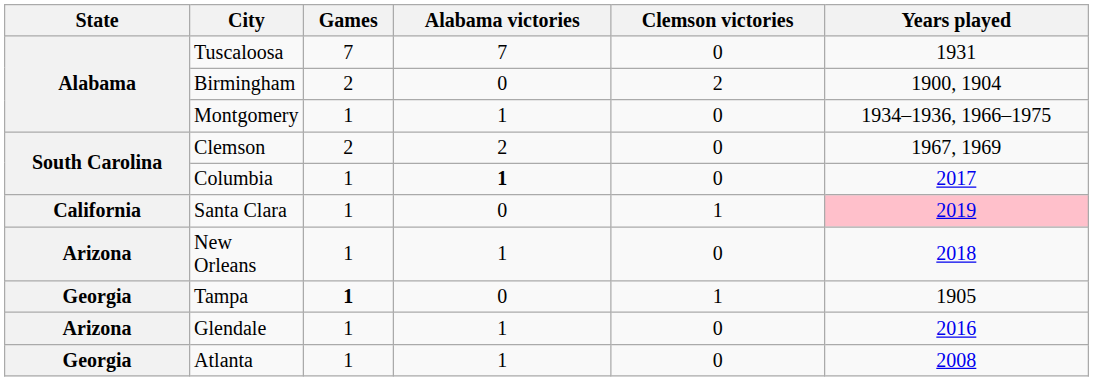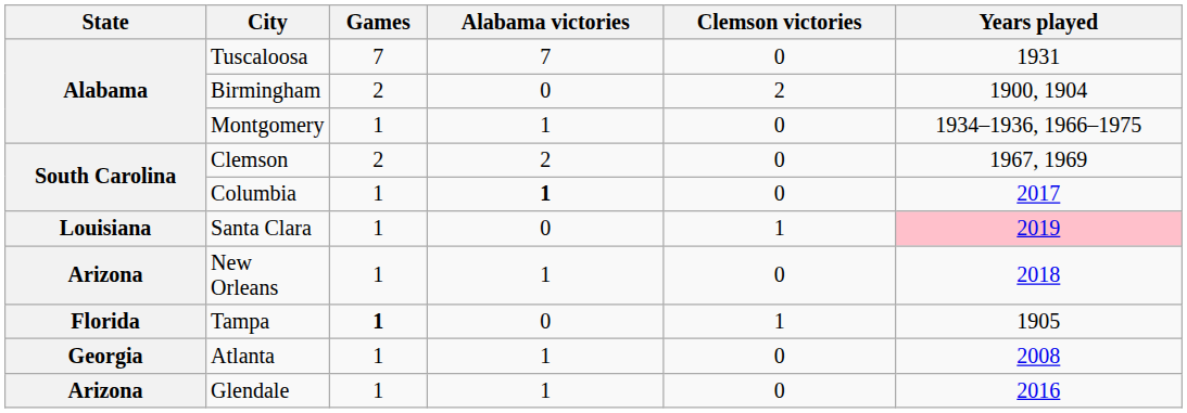 <table class="wikitable sortable">
 <tr>
 <th>State</th>
 <th width="10%">City</th>
 <th>Games</th>
 <th>Alabama victories</th>
 <th>Clemson victories</th>
 <th>Years played</th>
 </tr>
 <tr>
 <th rowspan="3">Alabama</th>
 <td>Tuscaloosa</td>
 <td style="text-align:center;">7</td>
 <td style="text-align:center;">7</td>
 <td style="text-align:center;">0</td>
 <td style="text-align:center;">1931</td>
 </tr>
 <tr>
 <td>Birmingham</td>
 <td style="text-align:center;">2</td>
 <td style="text-align:center;">0</td>
 <td style="text-align:center;">2</td>
 <td style="text-align:center;">1900, 1904</td>
 </tr>
 <tr>
 <td>Montgomery</td>
 <td style="text-align:center;">1</td>
 <td style="text-align:center;">1</td>
 <td style="text-align:center;">0</td>
 <td style="text-align:center;">1934–1936, 1966–1975</td>
 </tr>
 <tr>
 <th rowspan="2">South Carolina</th>
 <td>Clemson</td>
 <td style="text-align:center;">2</td>
 <td style="text-align:center;">2</td>
 <td style="text-align:center;">0</td>
 <td style="text-align:center;">1967, 1969</td>
 </tr>
 <tr>
 <td>Columbia</td>
 <td style="text-align:center;">1</td>
 <td style="text-align:center;"><strong>1</strong></td>
 <td style="text-align:center;">0</td>
 <td style="text-align:center;"><a href='#'>2017</a></td>
 </tr>
 <tr>
-<th>California</th>
+<th>Louisiana</th>
 <td>Santa Clara</td>
 <td style="text-align:center;">1</td>
 <td style="text-align:center;">0</td>
 <td style="text-align:center;">1</td>
 <td style="background: pink; text-align:center;"><a href='#'>2019</a></td>
 </tr>
 <tr>
 <th>Arizona</th>
 <td>New Orleans</td>
 <td style="text-align:center;">1</td>
 <td style="text-align:center;">1</td>
 <td style="text-align:center;">0</td>
 <td style="text-align:center;"><a href='#'>2018</a></td>
 </tr>
 <tr>
-<th>Georgia</th>
+<th>Florida</th>
 <td>Tampa</td>
 <td style="text-align:center;"><strong>1</strong></td>
 <td style="text-align:center;">0</td>
 <td style="text-align:center;">1</td>
 <td style="text-align:center;">1905</td>
+</tr>
+<tr>
+<th>Georgia</th>
+<td>Atlanta</td>
+<td style="text-align:center;">1</td>
+<td style="text-align:center;">1</td>
+<td style="text-align:center;">0</td>
+<td style="text-align:center;"><a href='#'>2008</a></td>
 </tr>
 <tr>
 <th>Arizona</th>
 <td>Glendale</td>
 <td style="text-align:center;">1</td>
 <td style="text-align:center;">1</td>
 <td style="text-align:center;">0</td>
 <td style="text-align:center;"><a href='#'>2016</a></td>
 </tr>
-<tr>
-<th>Georgia</th>
-<td>Atlanta</td>
-<td style="text-align:center;">1</td>
-<td style="text-align:center;">1</td>
-<td style="text-align:center;">0</td>
-<td style="text-align:center;"><a href='#'>2008</a></td>
-</tr>
 </table>
